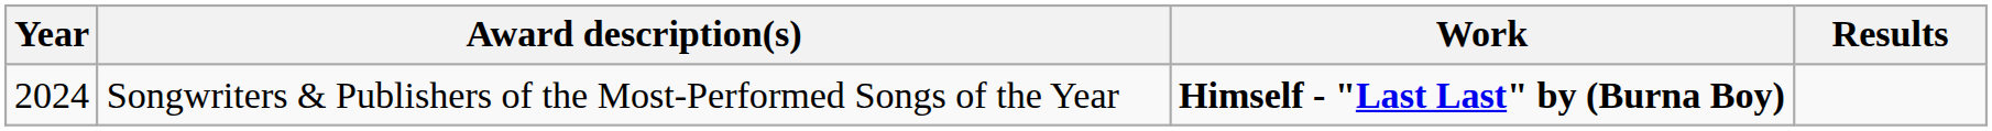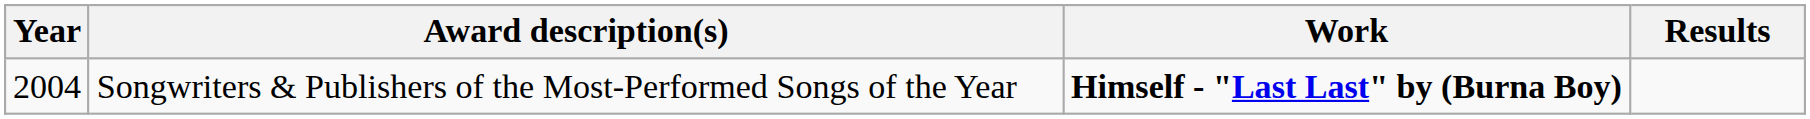 <table class="wikitable">
 <tr>
 <th>Year</th>
 <th width="450">Award description(s)</th>
 <th>Work</th>
 <th width="75">Results</th>
 </tr>
 <tr>
-<td>2024</td>
+<td>2004</td>
 <td>Songwriters & Publishers of the Most-Performed Songs of the Year</td>
 <td><strong>Himself - "<a href='#'>Last Last</a>" by (Burna Boy)</strong></td>
 <td></td>
 </tr>
 </table>
